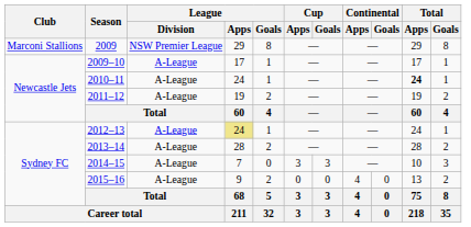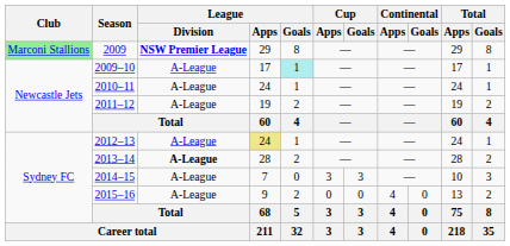 <table class="wikitable" border="1" style="font-size:100%; text-align: center;">
 <tr>
 <th rowspan="2">Club</th>
 <th rowspan="2">Season</th>
 <th colspan="3">League</th>
 <th colspan="2">Cup</th>
 <th colspan="2">Continental</th>
 <th colspan="2">Total</th>
 </tr>
 <tr>
 <th>Division</th>
 <th>Apps</th>
 <th>Goals</th>
 <th>Apps</th>
 <th>Goals</th>
 <th>Apps</th>
 <th>Goals</th>
 <th>Apps</th>
 <th>Goals</th>
 </tr>
 <tr>
-<td rowspan=1><a href='#'>Marconi Stallions</a></td>
+<td rowspan=1 style="background: lightgreen;"><a href='#'>Marconi Stallions</a></td>
 <td><a href='#'>2009</a></td>
-<td><a href='#'>NSW Premier League</a></td>
+<td><strong><a href='#'>NSW Premier League</a></strong></td>
 <td>29</td>
 <td>8</td>
 <td colspan=2>—</td>
 <td colspan=2>—</td>
 <td>29</td>
 <td>8</td>
 </tr>
 <tr>
 <td rowspan=4><a href='#'>Newcastle Jets</a></td>
 <td><a href='#'>2009–10</a></td>
 <td><a href='#'>A-League</a></td>
 <td>17</td>
-<td>1</td>
+<td style="background: paleturquoise;">1</td>
 <td colspan=2>—</td>
 <td colspan=2>—</td>
 <td>17</td>
 <td>1</td>
 </tr>
 <tr>
 <td><a href='#'>2010–11</a></td>
 <td>A-League</td>
 <td>24</td>
 <td>1</td>
 <td colspan=2>—</td>
 <td colspan=2>—</td>
-<td><strong>24</strong></td>
+<td>24</td>
 <td>1</td>
 </tr>
 <tr>
 <td><a href='#'>2011–12</a></td>
 <td>A-League</td>
 <td>19</td>
 <td>2</td>
 <td colspan=2>—</td>
 <td colspan=2>—</td>
 <td>19</td>
 <td>2</td>
 </tr>
 <tr>
 <th colspan=2>Total</th>
 <th>60</th>
 <th>4</th>
 <th colspan=2>—</th>
 <th colspan=2>—</th>
 <th>60</th>
 <th>4</th>
 </tr>
 <tr>
 <td rowspan=5><a href='#'>Sydney FC</a></td>
 <td><a href='#'>2012–13</a></td>
 <td><a href='#'>A-League</a></td>
 <td style="background: khaki;">24</td>
 <td>1</td>
 <td colspan=2>—</td>
 <td colspan=2>—</td>
 <td>24</td>
 <td>1</td>
 </tr>
 <tr>
 <td><a href='#'>2013–14</a></td>
-<td>A-League</td>
+<td><strong>A-League</strong></td>
 <td>28</td>
 <td>2</td>
 <td colspan=2>—</td>
 <td colspan=2>—</td>
 <td>28</td>
 <td>2</td>
 </tr>
 <tr>
 <td><a href='#'>2014–15</a></td>
 <td>A-League</td>
 <td>7</td>
 <td>0</td>
 <td>3</td>
 <td>3</td>
 <td colspan=2>—</td>
 <td>10</td>
 <td>3</td>
 </tr>
 <tr>
 <td><a href='#'>2015–16</a></td>
 <td>A-League</td>
 <td>9</td>
 <td>2</td>
 <td>0</td>
 <td>0</td>
 <td>4</td>
 <td>0</td>
 <td>13</td>
 <td>2</td>
 </tr>
 <tr>
 <th colspan=2>Total</th>
 <th>68</th>
 <th>5</th>
 <th>3</th>
 <th>3</th>
 <th>4</th>
 <th>0</th>
 <th>75</th>
 <th>8</th>
 </tr>
 <tr>
 <th colspan=3>Career total</th>
 <th>211</th>
 <th>32</th>
 <th>3</th>
 <th>3</th>
 <th>4</th>
 <th>0</th>
 <th>218</th>
 <th>35</th>
 </tr>
 </table>
